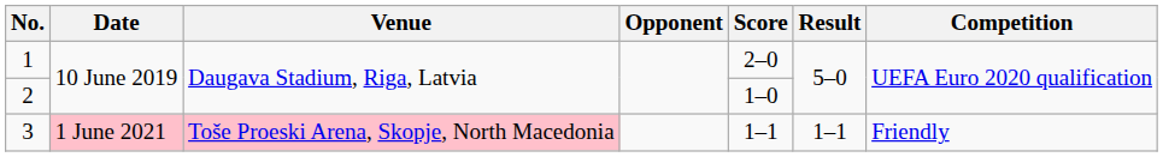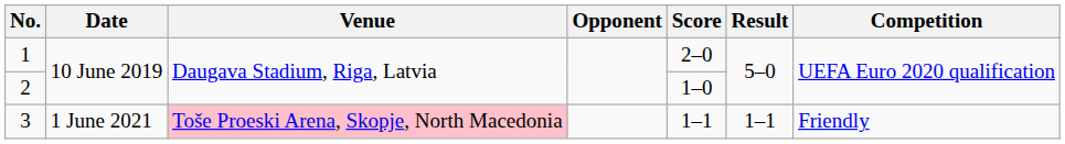 <table class="wikitable sortable">
 <tr>
 <th scope="col">No.</th>
 <th scope="col">Date</th>
 <th scope="col">Venue</th>
 <th scope="col">Opponent</th>
 <th scope="col">Score</th>
 <th scope="col">Result</th>
 <th scope="col">Competition</th>
 </tr>
 <tr>
 <td align="center">1</td>
 <td rowspan="2">10 June 2019</td>
 <td rowspan="2"><a href='#'>Daugava Stadium</a>, <a href='#'>Riga</a>, Latvia</td>
 <td rowspan="2"></td>
 <td align=center>2–0</td>
 <td rowspan="2" style="text-align:center">5–0</td>
 <td rowspan="2"><a href='#'>UEFA Euro 2020 qualification</a></td>
 </tr>
 <tr>
 <td align="center">2</td>
 <td align=center>1–0</td>
 </tr>
 <tr>
 <td align="center">3</td>
-<td style="background: pink;">1 June 2021</td>
+<td>1 June 2021</td>
 <td style="background: pink;"><a href='#'>Toše Proeski Arena</a>, <a href='#'>Skopje</a>, North Macedonia</td>
 <td></td>
 <td align=center>1–1</td>
 <td align=center>1–1</td>
 <td><a href='#'>Friendly</a></td>
 </tr>
 </table>
